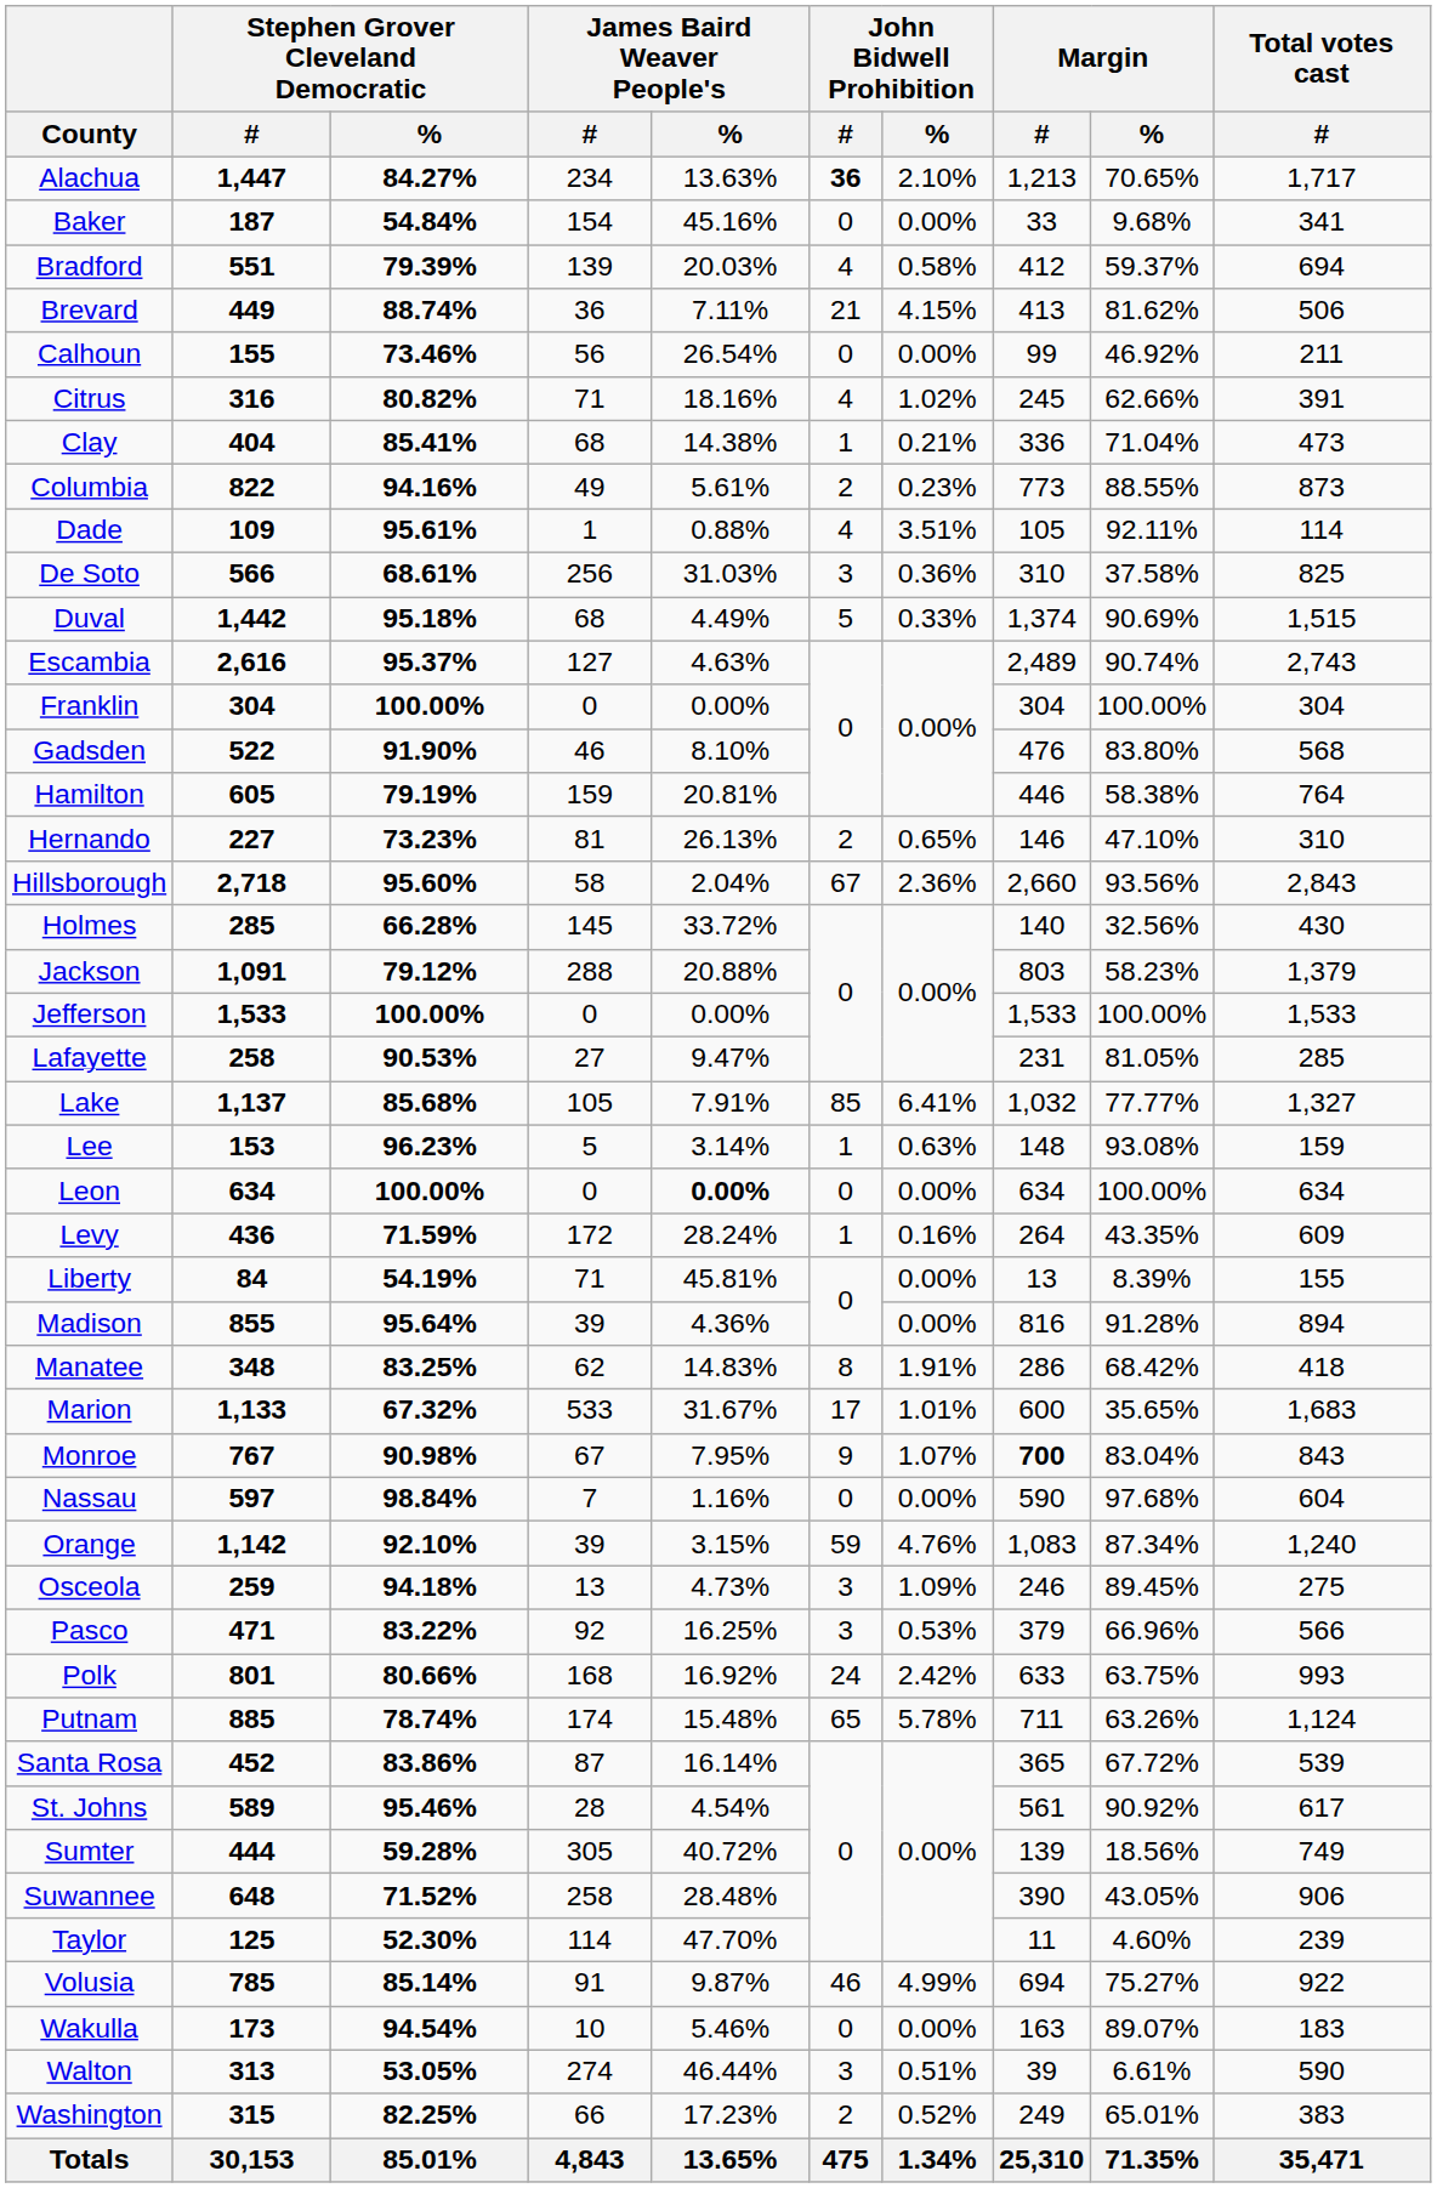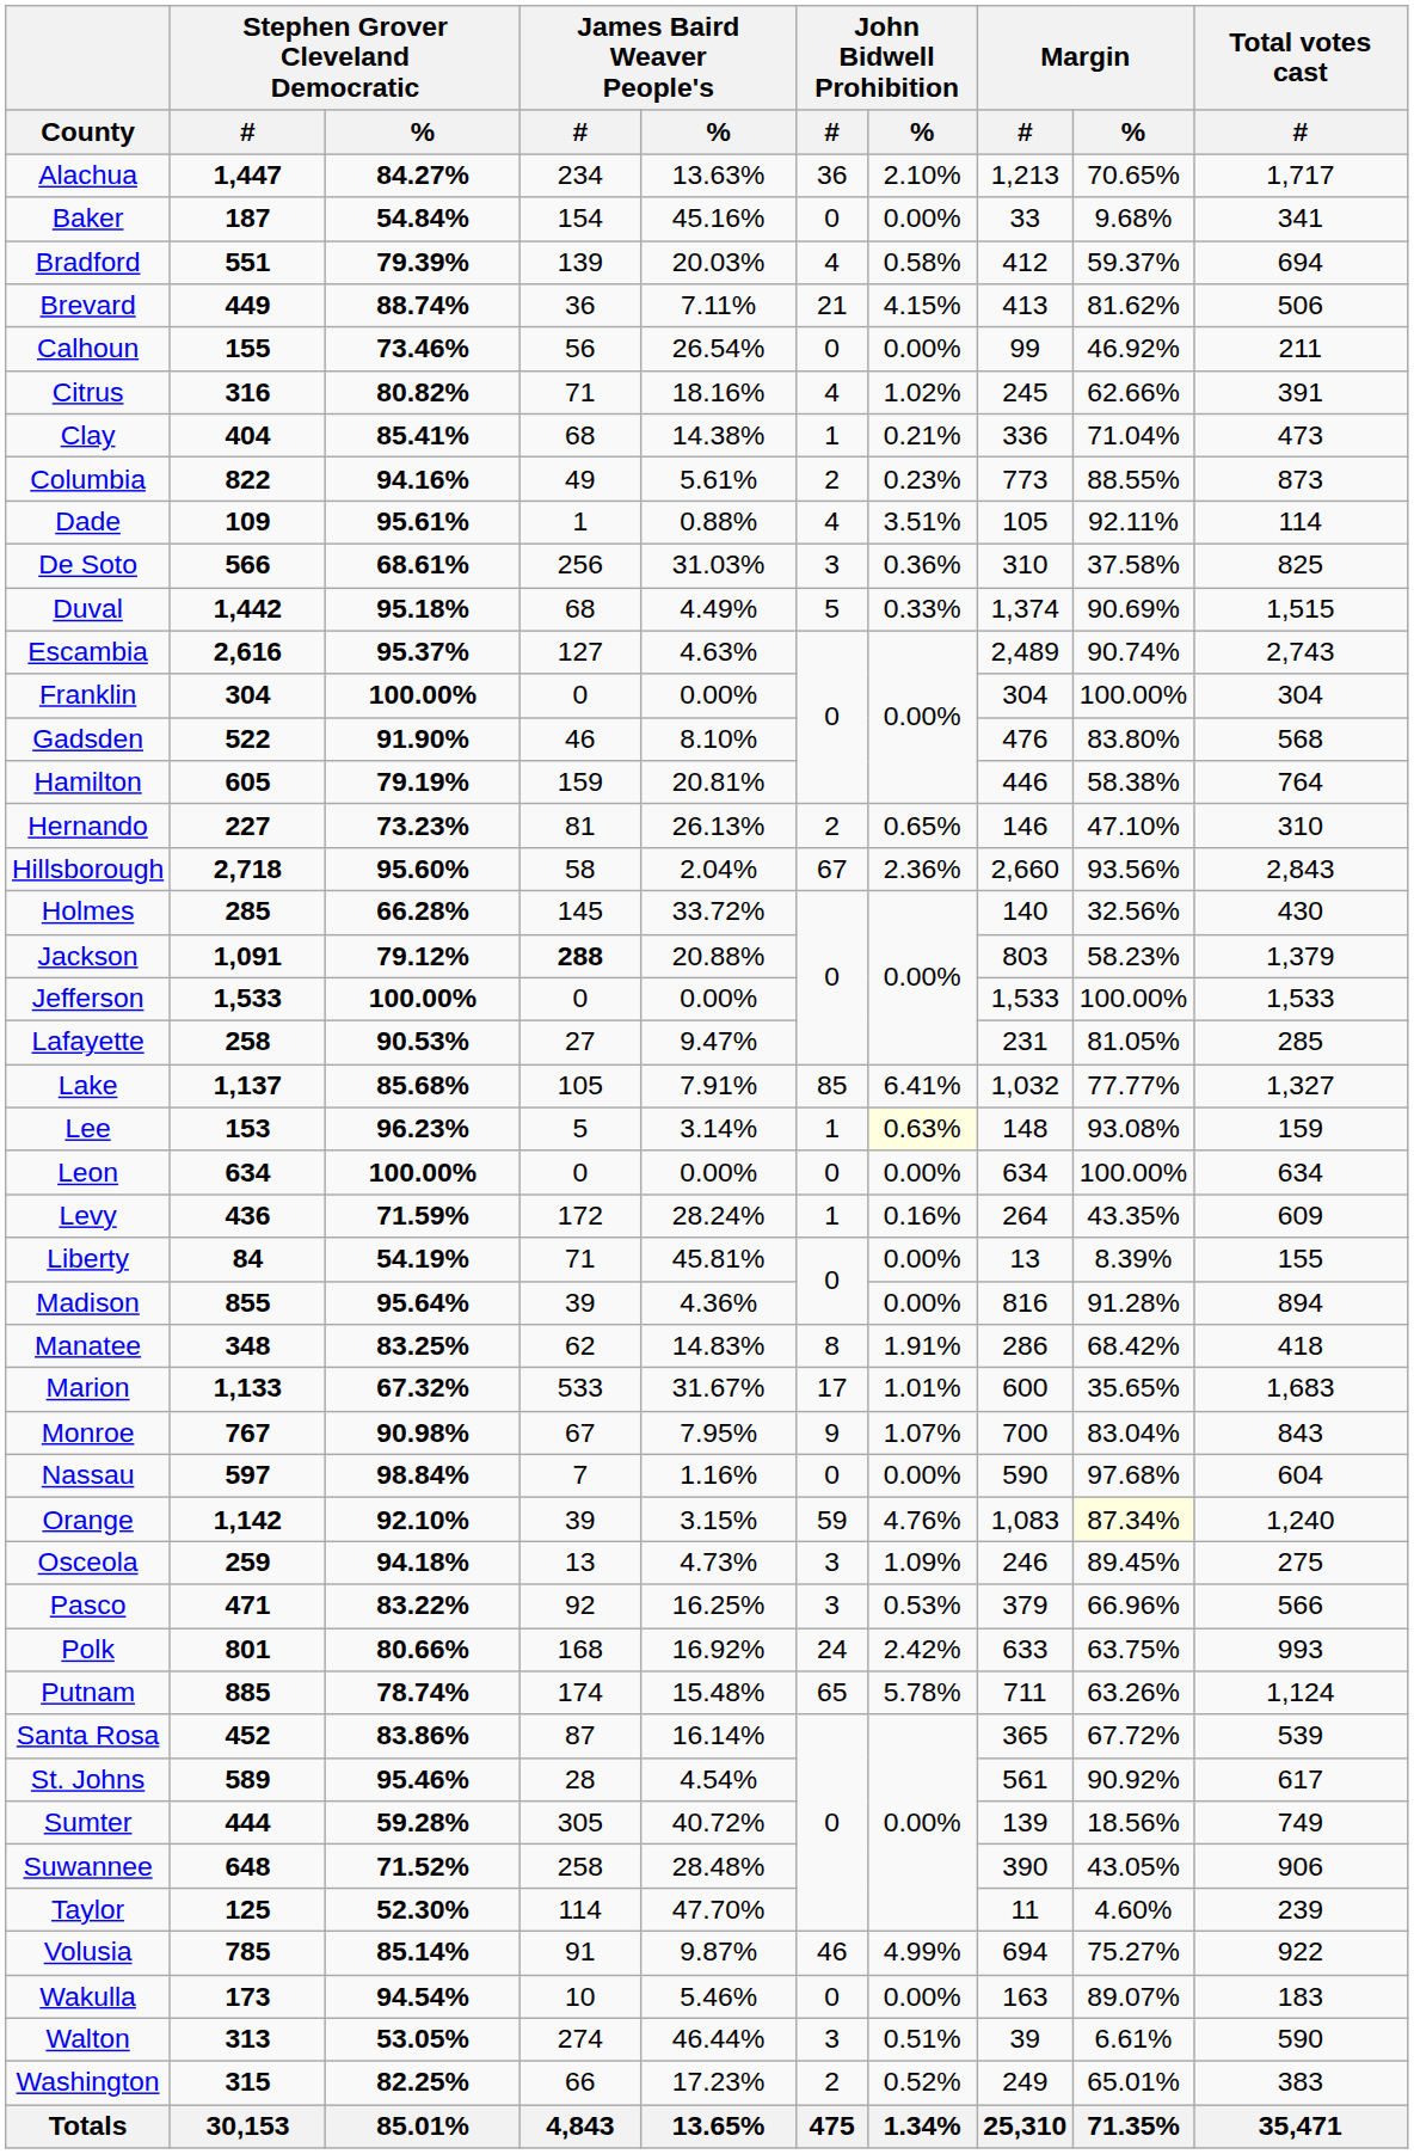 <table width="65%" class="wikitable sortable">
 <tr>
 <th colspan=1></th>
 <th style="text-align:center;" colspan="2">Stephen Grover Cleveland<br>Democratic</th>
 <th style="text-align:center;" colspan="2">James Baird Weaver<br>People's</th>
 <th style="text-align:center;" colspan="2">John Bidwell<br>Prohibition</th>
 <th style="text-align:center;" colspan="2">Margin</th>
 <th style="text-align:center;" colspan="1">Total votes cast</th>
 </tr>
 <tr>
 <th align=center>County</th>
 <th style="text-align:center;" data-sort-type="number">#</th>
 <th style="text-align:center;" data-sort-type="number">%</th>
 <th style="text-align:center;" data-sort-type="number">#</th>
 <th style="text-align:center;" data-sort-type="number">%</th>
 <th style="text-align:center;" data-sort-type="number">#</th>
 <th style="text-align:center;" data-sort-type="number">%</th>
 <th style="text-align:center;" data-sort-type="number">#</th>
 <th style="text-align:center;" data-sort-type="number">%</th>
 <th style="text-align:center;" data-sort-type="number">#</th>
 </tr>
 <tr style="text-align:center;">
 <td><a href='#'>Alachua</a></td>
 <td><strong>1,447</strong></td>
 <td><strong>84.27%</strong></td>
 <td>234</td>
 <td>13.63%</td>
-<td><strong>36</strong></td>
+<td>36</td>
 <td>2.10%</td>
 <td>1,213</td>
 <td>70.65%</td>
 <td>1,717</td>
 </tr>
 <tr style="text-align:center;">
 <td><a href='#'>Baker</a></td>
 <td><strong>187</strong></td>
 <td><strong>54.84%</strong></td>
 <td>154</td>
 <td>45.16%</td>
 <td>0</td>
 <td>0.00%</td>
 <td>33</td>
 <td>9.68%</td>
 <td>341</td>
 </tr>
 <tr style="text-align:center;">
 <td><a href='#'>Bradford</a></td>
 <td><strong>551</strong></td>
 <td><strong>79.39%</strong></td>
 <td>139</td>
 <td>20.03%</td>
 <td>4</td>
 <td>0.58%</td>
 <td>412</td>
 <td>59.37%</td>
 <td>694</td>
 </tr>
 <tr style="text-align:center;">
 <td><a href='#'>Brevard</a></td>
 <td><strong>449</strong></td>
 <td><strong>88.74%</strong></td>
 <td>36</td>
 <td>7.11%</td>
 <td>21</td>
 <td>4.15%</td>
 <td>413</td>
 <td>81.62%</td>
 <td>506</td>
 </tr>
 <tr style="text-align:center;">
 <td><a href='#'>Calhoun</a></td>
 <td><strong>155</strong></td>
 <td><strong>73.46%</strong></td>
 <td>56</td>
 <td>26.54%</td>
 <td>0</td>
 <td>0.00%</td>
 <td>99</td>
 <td>46.92%</td>
 <td>211</td>
 </tr>
 <tr style="text-align:center;">
 <td><a href='#'>Citrus</a></td>
 <td><strong>316</strong></td>
 <td><strong>80.82%</strong></td>
 <td>71</td>
 <td>18.16%</td>
 <td>4</td>
 <td>1.02%</td>
 <td>245</td>
 <td>62.66%</td>
 <td>391</td>
 </tr>
 <tr style="text-align:center;">
 <td><a href='#'>Clay</a></td>
 <td><strong>404</strong></td>
 <td><strong>85.41%</strong></td>
 <td>68</td>
 <td>14.38%</td>
 <td>1</td>
 <td>0.21%</td>
 <td>336</td>
 <td>71.04%</td>
 <td>473</td>
 </tr>
 <tr style="text-align:center;">
 <td><a href='#'>Columbia</a></td>
 <td><strong>822</strong></td>
 <td><strong>94.16%</strong></td>
 <td>49</td>
 <td>5.61%</td>
 <td>2</td>
 <td>0.23%</td>
 <td>773</td>
 <td>88.55%</td>
 <td>873</td>
 </tr>
 <tr style="text-align:center;">
 <td><a href='#'>Dade</a></td>
 <td><strong>109</strong></td>
 <td><strong>95.61%</strong></td>
 <td>1</td>
 <td>0.88%</td>
 <td>4</td>
 <td>3.51%</td>
 <td>105</td>
 <td>92.11%</td>
 <td>114</td>
 </tr>
 <tr style="text-align:center;">
 <td><a href='#'>De Soto</a></td>
 <td><strong>566</strong></td>
 <td><strong>68.61%</strong></td>
 <td>256</td>
 <td>31.03%</td>
 <td>3</td>
 <td>0.36%</td>
 <td>310</td>
 <td>37.58%</td>
 <td>825</td>
 </tr>
 <tr style="text-align:center;">
 <td><a href='#'>Duval</a></td>
 <td><strong>1,442</strong></td>
 <td><strong>95.18%</strong></td>
 <td>68</td>
 <td>4.49%</td>
 <td>5</td>
 <td>0.33%</td>
 <td>1,374</td>
 <td>90.69%</td>
 <td>1,515</td>
 </tr>
 <tr style="text-align:center;">
 <td><a href='#'>Escambia</a></td>
 <td><strong>2,616</strong></td>
 <td><strong>95.37%</strong></td>
 <td>127</td>
 <td>4.63%</td>
 <td rowspan="4" >0</td>
 <td rowspan="4" >0.00%</td>
 <td>2,489</td>
 <td>90.74%</td>
 <td>2,743</td>
 </tr>
 <tr style="text-align:center;">
 <td><a href='#'>Franklin</a></td>
 <td><strong>304</strong></td>
 <td><strong>100.00%</strong></td>
 <td>0</td>
 <td>0.00%</td>
 <td>304</td>
 <td>100.00%</td>
 <td>304</td>
 </tr>
 <tr style="text-align:center;">
 <td><a href='#'>Gadsden</a></td>
 <td><strong>522</strong></td>
 <td><strong>91.90%</strong></td>
 <td>46</td>
 <td>8.10%</td>
 <td>476</td>
 <td>83.80%</td>
 <td>568</td>
 </tr>
 <tr style="text-align:center;">
 <td><a href='#'>Hamilton</a></td>
 <td><strong>605</strong></td>
 <td><strong>79.19%</strong></td>
 <td>159</td>
 <td>20.81%</td>
 <td>446</td>
 <td>58.38%</td>
 <td>764</td>
 </tr>
 <tr style="text-align:center;">
 <td><a href='#'>Hernando</a></td>
 <td><strong>227</strong></td>
 <td><strong>73.23%</strong></td>
 <td>81</td>
 <td>26.13%</td>
 <td>2</td>
 <td>0.65%</td>
 <td>146</td>
 <td>47.10%</td>
 <td>310</td>
 </tr>
 <tr style="text-align:center;">
 <td><a href='#'>Hillsborough</a></td>
 <td><strong>2,718</strong></td>
 <td><strong>95.60%</strong></td>
 <td>58</td>
 <td>2.04%</td>
 <td>67</td>
 <td>2.36%</td>
 <td>2,660</td>
 <td>93.56%</td>
 <td>2,843</td>
 </tr>
 <tr style="text-align:center;">
 <td><a href='#'>Holmes</a></td>
 <td><strong>285</strong></td>
 <td><strong>66.28%</strong></td>
 <td>145</td>
 <td>33.72%</td>
 <td rowspan="4" >0</td>
 <td rowspan="4" >0.00%</td>
 <td>140</td>
 <td>32.56%</td>
 <td>430</td>
 </tr>
 <tr style="text-align:center;">
 <td><a href='#'>Jackson</a></td>
 <td><strong>1,091</strong></td>
 <td><strong>79.12%</strong></td>
-<td>288</td>
+<td><strong>288</strong></td>
 <td>20.88%</td>
 <td>803</td>
 <td>58.23%</td>
 <td>1,379</td>
 </tr>
 <tr style="text-align:center;">
 <td><a href='#'>Jefferson</a></td>
 <td><strong>1,533</strong></td>
 <td><strong>100.00%</strong></td>
 <td>0</td>
 <td>0.00%</td>
 <td>1,533</td>
 <td>100.00%</td>
 <td>1,533</td>
 </tr>
 <tr style="text-align:center;">
 <td><a href='#'>Lafayette</a></td>
 <td><strong>258</strong></td>
 <td><strong>90.53%</strong></td>
 <td>27</td>
 <td>9.47%</td>
 <td>231</td>
 <td>81.05%</td>
 <td>285</td>
 </tr>
 <tr style="text-align:center;">
 <td><a href='#'>Lake</a></td>
 <td><strong>1,137</strong></td>
 <td><strong>85.68%</strong></td>
 <td>105</td>
 <td>7.91%</td>
 <td>85</td>
 <td>6.41%</td>
 <td>1,032</td>
 <td>77.77%</td>
 <td>1,327</td>
 </tr>
 <tr style="text-align:center;">
 <td><a href='#'>Lee</a></td>
 <td><strong>153</strong></td>
 <td><strong>96.23%</strong></td>
 <td>5</td>
 <td>3.14%</td>
 <td>1</td>
-<td>0.63%</td>
+<td style="background: lightyellow;">0.63%</td>
 <td>148</td>
 <td>93.08%</td>
 <td>159</td>
 </tr>
 <tr style="text-align:center;">
 <td><a href='#'>Leon</a></td>
 <td><strong>634</strong></td>
 <td><strong>100.00%</strong></td>
 <td>0</td>
-<td><strong>0.00%</strong></td>
+<td>0.00%</td>
 <td>0</td>
 <td>0.00%</td>
 <td>634</td>
 <td>100.00%</td>
 <td>634</td>
 </tr>
 <tr style="text-align:center;">
 <td><a href='#'>Levy</a></td>
 <td><strong>436</strong></td>
 <td><strong>71.59%</strong></td>
 <td>172</td>
 <td>28.24%</td>
 <td>1</td>
 <td>0.16%</td>
 <td>264</td>
 <td>43.35%</td>
 <td>609</td>
 </tr>
 <tr style="text-align:center;">
 <td><a href='#'>Liberty</a></td>
 <td><strong>84</strong></td>
 <td><strong>54.19%</strong></td>
 <td>71</td>
 <td>45.81%</td>
 <td rowspan="2" >0</td>
 <td>0.00%</td>
 <td>13</td>
 <td>8.39%</td>
 <td>155</td>
 </tr>
 <tr style="text-align:center;">
 <td><a href='#'>Madison</a></td>
 <td><strong>855</strong></td>
 <td><strong>95.64%</strong></td>
 <td>39</td>
 <td>4.36%</td>
 <td>0.00%</td>
 <td>816</td>
 <td>91.28%</td>
 <td>894</td>
 </tr>
 <tr style="text-align:center;">
 <td><a href='#'>Manatee</a></td>
 <td><strong>348</strong></td>
 <td><strong>83.25%</strong></td>
 <td>62</td>
 <td>14.83%</td>
 <td>8</td>
 <td>1.91%</td>
 <td>286</td>
 <td>68.42%</td>
 <td>418</td>
 </tr>
 <tr style="text-align:center;">
 <td><a href='#'>Marion</a></td>
 <td><strong>1,133</strong></td>
 <td><strong>67.32%</strong></td>
 <td>533</td>
 <td>31.67%</td>
 <td>17</td>
 <td>1.01%</td>
 <td>600</td>
 <td>35.65%</td>
 <td>1,683</td>
 </tr>
 <tr style="text-align:center;">
 <td><a href='#'>Monroe</a></td>
 <td><strong>767</strong></td>
 <td><strong>90.98%</strong></td>
 <td>67</td>
 <td>7.95%</td>
 <td>9</td>
 <td>1.07%</td>
-<td><strong>700</strong></td>
+<td>700</td>
 <td>83.04%</td>
 <td>843</td>
 </tr>
 <tr style="text-align:center;">
 <td><a href='#'>Nassau</a></td>
 <td><strong>597</strong></td>
 <td><strong>98.84%</strong></td>
 <td>7</td>
 <td>1.16%</td>
 <td>0</td>
 <td>0.00%</td>
 <td>590</td>
 <td>97.68%</td>
 <td>604</td>
 </tr>
 <tr style="text-align:center;">
 <td><a href='#'>Orange</a></td>
 <td><strong>1,142</strong></td>
 <td><strong>92.10%</strong></td>
 <td>39</td>
 <td>3.15%</td>
 <td>59</td>
 <td>4.76%</td>
 <td>1,083</td>
-<td>87.34%</td>
+<td style="background: lightyellow;">87.34%</td>
 <td>1,240</td>
 </tr>
 <tr style="text-align:center;">
 <td><a href='#'>Osceola</a></td>
 <td><strong>259</strong></td>
 <td><strong>94.18%</strong></td>
 <td>13</td>
 <td>4.73%</td>
 <td>3</td>
 <td>1.09%</td>
 <td>246</td>
 <td>89.45%</td>
 <td>275</td>
 </tr>
 <tr style="text-align:center;">
 <td><a href='#'>Pasco</a></td>
 <td><strong>471</strong></td>
 <td><strong>83.22%</strong></td>
 <td>92</td>
 <td>16.25%</td>
 <td>3</td>
 <td>0.53%</td>
 <td>379</td>
 <td>66.96%</td>
 <td>566</td>
 </tr>
 <tr style="text-align:center;">
 <td><a href='#'>Polk</a></td>
 <td><strong>801</strong></td>
 <td><strong>80.66%</strong></td>
 <td>168</td>
 <td>16.92%</td>
 <td>24</td>
 <td>2.42%</td>
 <td>633</td>
 <td>63.75%</td>
 <td>993</td>
 </tr>
 <tr style="text-align:center;">
 <td><a href='#'>Putnam</a></td>
 <td><strong>885</strong></td>
 <td><strong>78.74%</strong></td>
 <td>174</td>
 <td>15.48%</td>
 <td>65</td>
 <td>5.78%</td>
 <td>711</td>
 <td>63.26%</td>
 <td>1,124</td>
 </tr>
 <tr style="text-align:center;">
 <td><a href='#'>Santa Rosa</a></td>
 <td><strong>452</strong></td>
 <td><strong>83.86%</strong></td>
 <td>87</td>
 <td>16.14%</td>
 <td rowspan="5" >0</td>
 <td rowspan="5" >0.00%</td>
 <td>365</td>
 <td>67.72%</td>
 <td>539</td>
 </tr>
 <tr style="text-align:center;">
 <td><a href='#'>St. Johns</a></td>
 <td><strong>589</strong></td>
 <td><strong>95.46%</strong></td>
 <td>28</td>
 <td>4.54%</td>
 <td>561</td>
 <td>90.92%</td>
 <td>617</td>
 </tr>
 <tr style="text-align:center;">
 <td><a href='#'>Sumter</a></td>
 <td><strong>444</strong></td>
 <td><strong>59.28%</strong></td>
 <td>305</td>
 <td>40.72%</td>
 <td>139</td>
 <td>18.56%</td>
 <td>749</td>
 </tr>
 <tr style="text-align:center;">
 <td><a href='#'>Suwannee</a></td>
 <td><strong>648</strong></td>
 <td><strong>71.52%</strong></td>
 <td>258</td>
 <td>28.48%</td>
 <td>390</td>
 <td>43.05%</td>
 <td>906</td>
 </tr>
 <tr style="text-align:center;">
 <td><a href='#'>Taylor</a></td>
 <td><strong>125</strong></td>
 <td><strong>52.30%</strong></td>
 <td>114</td>
 <td>47.70%</td>
 <td>11</td>
 <td>4.60%</td>
 <td>239</td>
 </tr>
 <tr style="text-align:center;">
 <td><a href='#'>Volusia</a></td>
 <td><strong>785</strong></td>
 <td><strong>85.14%</strong></td>
 <td>91</td>
 <td>9.87%</td>
 <td>46</td>
 <td>4.99%</td>
 <td>694</td>
 <td>75.27%</td>
 <td>922</td>
 </tr>
 <tr style="text-align:center;">
 <td><a href='#'>Wakulla</a></td>
 <td><strong>173</strong></td>
 <td><strong>94.54%</strong></td>
 <td>10</td>
 <td>5.46%</td>
 <td>0</td>
 <td>0.00%</td>
 <td>163</td>
 <td>89.07%</td>
 <td>183</td>
 </tr>
 <tr style="text-align:center;">
 <td><a href='#'>Walton</a></td>
 <td><strong>313</strong></td>
 <td><strong>53.05%</strong></td>
 <td>274</td>
 <td>46.44%</td>
 <td>3</td>
 <td>0.51%</td>
 <td>39</td>
 <td>6.61%</td>
 <td>590</td>
 </tr>
 <tr style="text-align:center;">
 <td><a href='#'>Washington</a></td>
 <td><strong>315</strong></td>
 <td><strong>82.25%</strong></td>
 <td>66</td>
 <td>17.23%</td>
 <td>2</td>
 <td>0.52%</td>
 <td>249</td>
 <td>65.01%</td>
 <td>383</td>
 </tr>
 <tr style="text-align:center;">
 <th>Totals</th>
 <th>30,153</th>
 <th>85.01%</th>
 <th>4,843</th>
 <th>13.65%</th>
 <th>475</th>
 <th>1.34%</th>
 <th>25,310</th>
 <th>71.35%</th>
 <th>35,471</th>
 </tr>
 </table>
